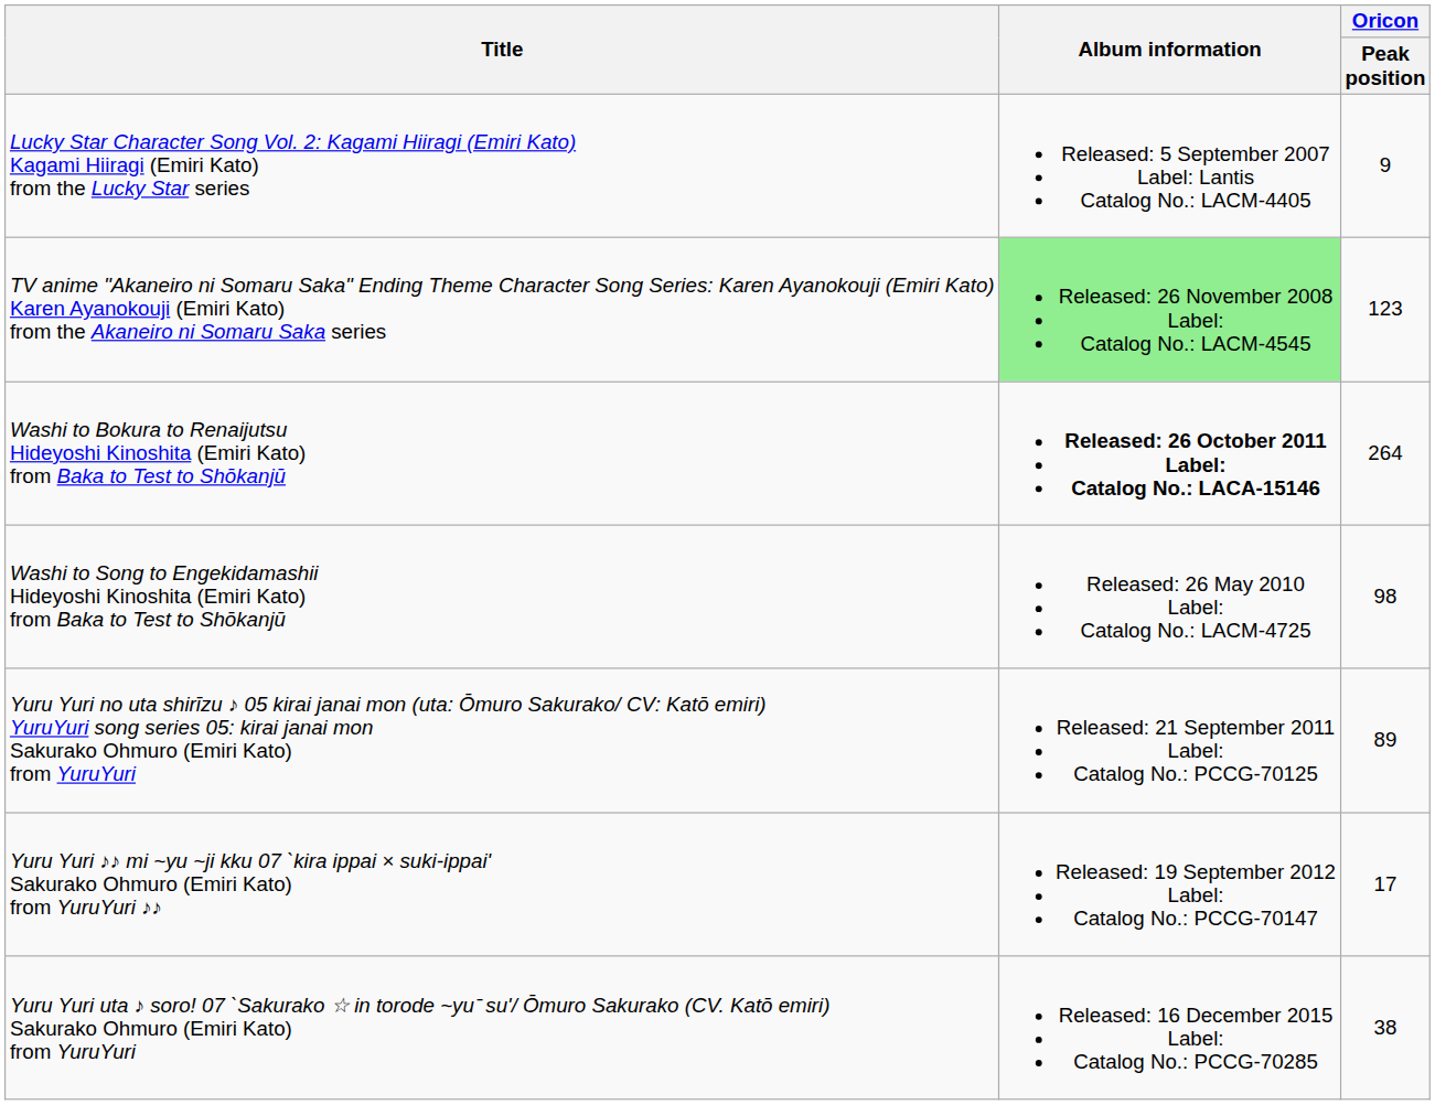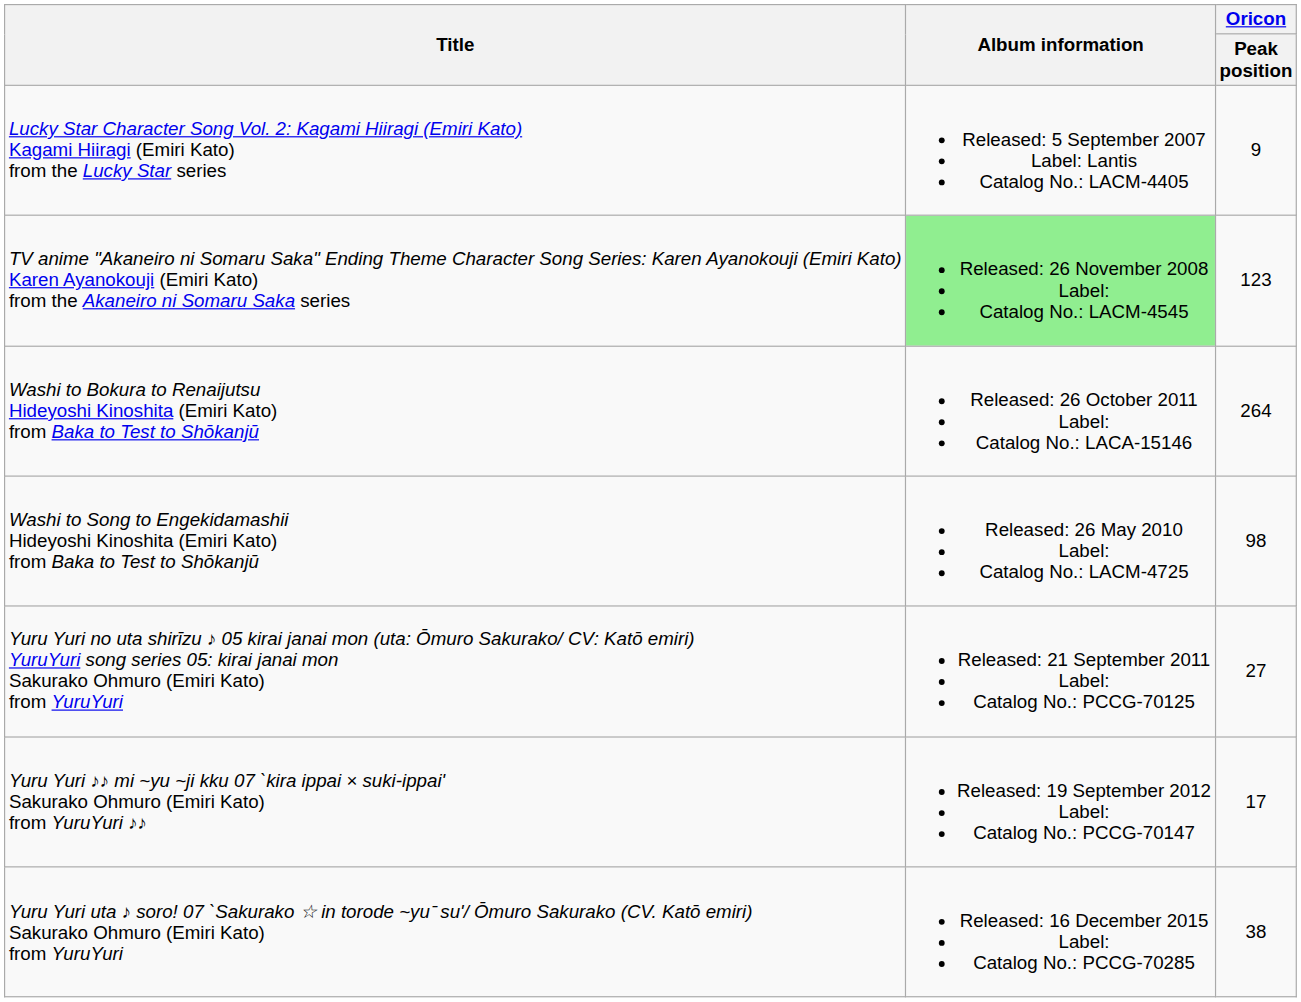 <table class="wikitable plainrowheaders" style="text-align:center">
 <tr>
 <th rowspan=2; style=>Title</th>
 <th rowspan=2;>Album information</th>
 <th colspan=1; style=><a href='#'>Oricon</a><br></th>
 </tr>
 <tr>
 <th style=>Peak<br>position</th>
 </tr>
 <tr>
 <td align=left><em><a href='#'>Lucky Star Character Song Vol. 2: Kagami Hiiragi (Emiri Kato)</a></em><br><a href='#'>Kagami Hiiragi</a> (Emiri Kato)<br>from the <em><a href='#'>Lucky Star</a></em> series</td>
 <td><br><ul><li>Released: 5 September 2007</li><li>Label: Lantis</li><li>Catalog No.: LACM-4405</li></ul></td>
 <td>9</td>
 </tr>
 <tr>
 <td align=left><em>TV anime "Akaneiro ni Somaru Saka" Ending Theme Character Song Series: Karen Ayanokouji (Emiri Kato)</em><br><a href='#'>Karen Ayanokouji</a> (Emiri Kato)<br>from the <em><a href='#'>Akaneiro ni Somaru Saka</a></em> series</td>
 <td style="background: lightgreen;"><br><ul><li>Released: 26 November 2008</li><li>Label:</li><li>Catalog No.: LACM-4545</li></ul></td>
 <td>123</td>
 </tr>
 <tr>
 <td align=left><em>Washi to Bokura to Renaijutsu</em><br><a href='#'>Hideyoshi Kinoshita</a> (Emiri Kato)<br>from <em><a href='#'>Baka to Test to Shōkanjū</a></em></td>
-<td><strong><br><ul><li>Released: 26 October 2011</li><li>Label:</li><li>Catalog No.: LACA-15146</li></ul></strong></td>
+<td><br><ul><li>Released: 26 October 2011</li><li>Label:</li><li>Catalog No.: LACA-15146</li></ul></td>
 <td>264</td>
 </tr>
 <tr>
 <td align=left><em>Washi to Song to Engekidamashii</em><br> Hideyoshi Kinoshita (Emiri Kato)<br>from <em>Baka to Test to Shōkanjū</em></td>
 <td><br><ul><li>Released: 26 May 2010</li><li>Label:</li><li>Catalog No.: LACM-4725</li></ul></td>
 <td>98</td>
 </tr>
 <tr>
 <td align=left><em>Yuru Yuri no uta shirīzu ♪ 05 kirai janai mon (uta: Ōmuro Sakurako/ CV: Katō emiri)</em><br><em><a href='#'>YuruYuri</a> song series 05: kirai janai mon</em><br>Sakurako Ohmuro (Emiri Kato)<br>from <em><a href='#'>YuruYuri</a></em></td>
 <td><br><ul><li>Released: 21 September 2011</li><li>Label:</li><li>Catalog No.: PCCG-70125</li></ul></td>
-<td>89</td>
+<td>27</td>
 </tr>
 <tr>
 <td align=left><em>Yuru Yuri ♪♪ mi ~yu ~ji kku 07 `kira ippai × suki-ippai' </em><br> Sakurako Ohmuro (Emiri Kato)<br>from <em>YuruYuri ♪♪</em></td>
 <td><br><ul><li>Released: 19 September 2012</li><li>Label:</li><li>Catalog No.: PCCG-70147</li></ul></td>
 <td>17</td>
 </tr>
 <tr>
 <td align=left><em>Yuru Yuri uta ♪ soro! 07 `Sakurako ☆ in torode ~yu ̄ su'/ Ōmuro Sakurako (CV. Katō emiri)</em><br>Sakurako Ohmuro (Emiri Kato)<br>from <em>YuruYuri</em></td>
 <td><br><ul><li>Released: 16 December 2015</li><li>Label:</li><li>Catalog No.: PCCG-70285</li></ul></td>
 <td>38</td>
 </tr>
 </table>
